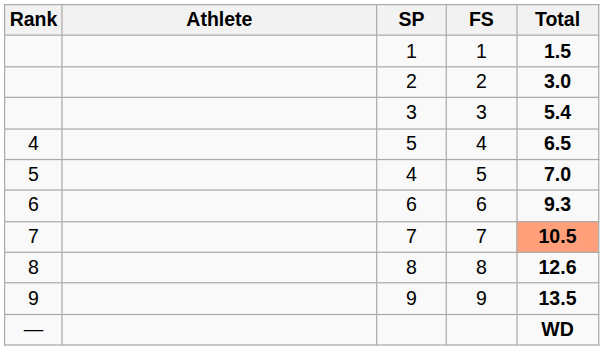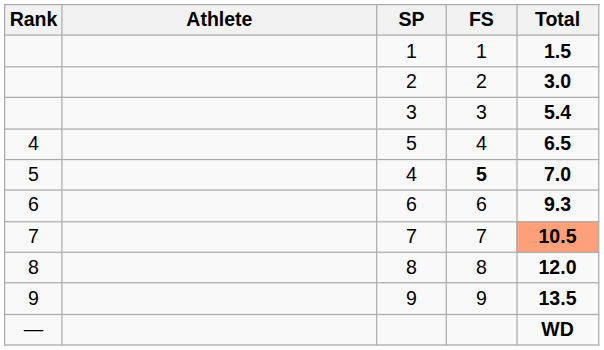 <table class=wikitable style="text-align:center">
 <tr>
 <th width=40>Rank</th>
 <th width=250>Athlete</th>
 <th width=50>SP</th>
 <th width=50>FS</th>
 <th width=60>Total</th>
 </tr>
 <tr>
 <td></td>
 <td align=left></td>
 <td>1</td>
 <td>1</td>
 <td><strong>1.5</strong></td>
 </tr>
 <tr>
 <td></td>
 <td align=left></td>
 <td>2</td>
 <td>2</td>
 <td><strong>3.0</strong></td>
 </tr>
 <tr>
 <td></td>
 <td align=left></td>
 <td>3</td>
 <td>3</td>
 <td><strong>5.4</strong></td>
 </tr>
 <tr>
 <td>4</td>
 <td align=left></td>
 <td>5</td>
 <td>4</td>
 <td><strong>6.5</strong></td>
 </tr>
 <tr>
 <td>5</td>
 <td align=left></td>
 <td>4</td>
-<td>5</td>
+<td><strong>5</strong></td>
 <td><strong>7.0</strong></td>
 </tr>
 <tr>
 <td>6</td>
 <td align=left></td>
 <td>6</td>
 <td>6</td>
 <td><strong>9.3</strong></td>
 </tr>
 <tr>
 <td>7</td>
 <td align=left></td>
 <td>7</td>
 <td>7</td>
 <td style="background: lightsalmon;"><strong>10.5</strong></td>
 </tr>
 <tr>
 <td>8</td>
 <td align=left></td>
 <td>8</td>
 <td>8</td>
-<td><strong>12.6</strong></td>
+<td><strong>12.0</strong></td>
 </tr>
 <tr>
 <td>9</td>
 <td align=left></td>
 <td>9</td>
 <td>9</td>
 <td><strong>13.5</strong></td>
 </tr>
 <tr>
 <td>—</td>
 <td align=left></td>
 <td></td>
 <td></td>
 <td><strong>WD</strong></td>
 </tr>
 </table>
